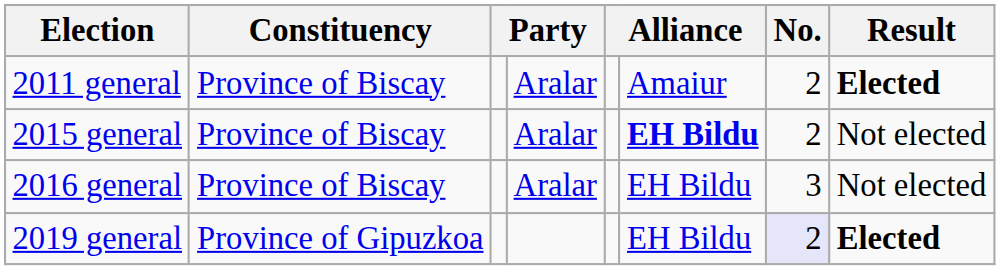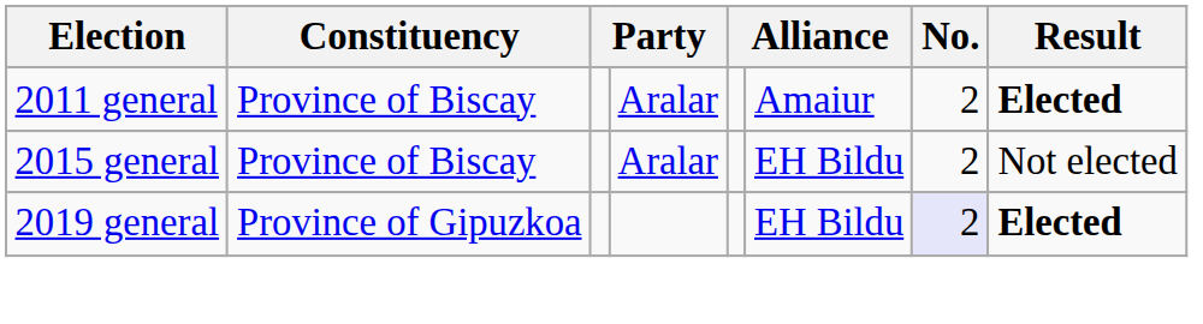 <table class="wikitable" style="text-align:left;">
 <tr>
 <th scope=col>Election</th>
 <th scope=col>Constituency</th>
 <th scope=col colspan="2">Party</th>
 <th scope=col colspan="2">Alliance</th>
 <th scope=col>No.</th>
 <th scope=col>Result</th>
 </tr>
 <tr>
 <td><a href='#'>2011 general</a></td>
 <td><a href='#'>Province of Biscay</a></td>
 <td style="background:"></td>
 <td><a href='#'>Aralar</a></td>
 <td style="background:"></td>
 <td><a href='#'>Amaiur</a></td>
 <td align=right>2</td>
 <td><strong>Elected</strong></td>
 </tr>
 <tr>
 <td><a href='#'>2015 general</a></td>
 <td><a href='#'>Province of Biscay</a></td>
 <td style="background:"></td>
 <td><a href='#'>Aralar</a></td>
 <td style="background:"></td>
-<td><strong><a href='#'>EH Bildu</a></strong></td>
+<td><a href='#'>EH Bildu</a></td>
 <td align=right>2</td>
-<td>Not elected</td>
-</tr>
-<tr>
-<td><a href='#'>2016 general</a></td>
-<td><a href='#'>Province of Biscay</a></td>
-<td style="background:"></td>
-<td><a href='#'>Aralar</a></td>
-<td style="background:"></td>
-<td><a href='#'>EH Bildu</a></td>
-<td align=right>3</td>
 <td>Not elected</td>
 </tr>
 <tr>
 <td><a href='#'>2019 general</a></td>
 <td><a href='#'>Province of Gipuzkoa</a></td>
 <td></td>
 <td></td>
 <td style="background:"></td>
 <td><a href='#'>EH Bildu</a></td>
 <td align=right style="background: lavender;">2</td>
 <td><strong>Elected</strong></td>
 </tr>
 </table>
